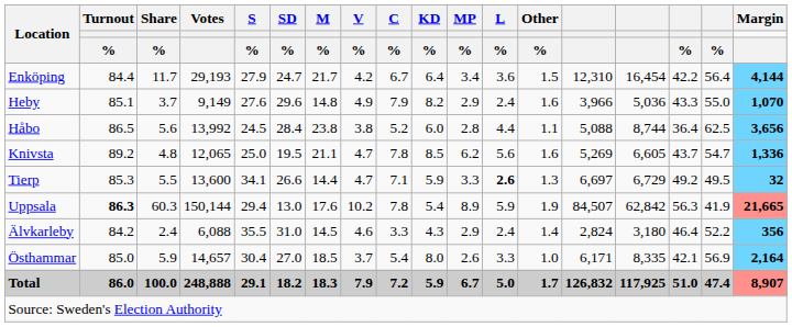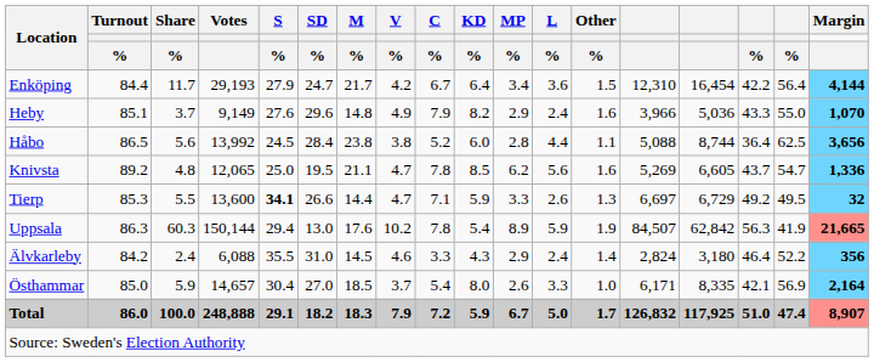 <table class="wikitable sortable" style="text-align:right; font-size:95%; line-height:20px;">
 <tr>
 <th rowspan="3">Location</th>
 <th>Turnout</th>
 <th>Share</th>
 <th>Votes</th>
 <th width="30px" class="unsortable"><a href='#'>S</a></th>
 <th width="30px" class="unsortable"><a href='#'>SD</a></th>
 <th width="30px" class="unsortable"><a href='#'>M</a></th>
 <th width="30px" class="unsortable"><a href='#'>V</a></th>
 <th width="30px" class="unsortable"><a href='#'>C</a></th>
 <th width="30px" class="unsortable"><a href='#'>KD</a></th>
 <th width="30px" class="unsortable"><a href='#'>MP</a></th>
 <th width="30px" class="unsortable"><a href='#'>L</a></th>
 <th width="30px" class="unsortable">Other</th>
 <th></th>
 <th></th>
 <th></th>
 <th></th>
 <th>Margin</th>
 </tr>
 <tr>
 <th></th>
 <th></th>
 <th></th>
 <th style="background:"></th>
 <th style="background:"></th>
 <th style="background:"></th>
 <th style="background:"></th>
 <th style="background:"></th>
 <th style="background:"></th>
 <th style="background:"></th>
 <th style="background:"></th>
 <th style="background:"></th>
 <th style="background:"></th>
 <th style="background:"></th>
 <th style="background:"></th>
 <th style="background:"></th>
 </tr>
 <tr>
 <th data-sort-type="number">%</th>
 <th data-sort-type="number">%</th>
 <th></th>
 <th data-sort-type="number">%</th>
 <th data-sort-type="number">%</th>
 <th data-sort-type="number">%</th>
 <th data-sort-type="number">%</th>
 <th data-sort-type="number">%</th>
 <th data-sort-type="number">%</th>
 <th data-sort-type="number">%</th>
 <th data-sort-type="number">%</th>
 <th data-sort-type="number">%</th>
 <th data-sort-type="number"></th>
 <th data-sort-type="number"></th>
 <th data-sort-type="number">%</th>
 <th data-sort-type="number">%</th>
 <th data-sort-type="number"></th>
 </tr>
 <tr>
 <td align="left"><a href='#'>Enköping</a></td>
 <td>84.4</td>
 <td>11.7</td>
 <td>29,193</td>
 <td>27.9</td>
 <td>24.7</td>
 <td>21.7</td>
 <td>4.2</td>
 <td>6.7</td>
 <td>6.4</td>
 <td>3.4</td>
 <td>3.6</td>
 <td>1.5</td>
 <td>12,310</td>
 <td>16,454</td>
 <td>42.2</td>
 <td>56.4</td>
 <td bgcolor=#6fd5fe><strong>4,144</strong></td>
 </tr>
 <tr>
 <td align="left"><a href='#'>Heby</a></td>
 <td>85.1</td>
 <td>3.7</td>
 <td>9,149</td>
 <td>27.6</td>
 <td>29.6</td>
 <td>14.8</td>
 <td>4.9</td>
 <td>7.9</td>
 <td>8.2</td>
 <td>2.9</td>
 <td>2.4</td>
 <td>1.6</td>
 <td>3,966</td>
 <td>5,036</td>
 <td>43.3</td>
 <td>55.0</td>
 <td bgcolor=#6fd5fe><strong>1,070</strong></td>
 </tr>
 <tr>
 <td align="left"><a href='#'>Håbo</a></td>
 <td>86.5</td>
 <td>5.6</td>
 <td>13,992</td>
 <td>24.5</td>
 <td>28.4</td>
 <td>23.8</td>
 <td>3.8</td>
 <td>5.2</td>
 <td>6.0</td>
 <td>2.8</td>
 <td>4.4</td>
 <td>1.1</td>
 <td>5,088</td>
 <td>8,744</td>
 <td>36.4</td>
 <td>62.5</td>
 <td bgcolor=#6fd5fe><strong>3,656</strong></td>
 </tr>
 <tr>
 <td align="left"><a href='#'>Knivsta</a></td>
 <td>89.2</td>
 <td>4.8</td>
 <td>12,065</td>
 <td>25.0</td>
 <td>19.5</td>
 <td>21.1</td>
 <td>4.7</td>
 <td>7.8</td>
 <td>8.5</td>
 <td>6.2</td>
 <td>5.6</td>
 <td>1.6</td>
 <td>5,269</td>
 <td>6,605</td>
 <td>43.7</td>
 <td>54.7</td>
 <td bgcolor=#6fd5fe><strong>1,336</strong></td>
 </tr>
 <tr>
 <td align="left"><a href='#'>Tierp</a></td>
 <td>85.3</td>
 <td>5.5</td>
 <td>13,600</td>
-<td>34.1</td>
+<td><strong>34.1</strong></td>
 <td>26.6</td>
 <td>14.4</td>
 <td>4.7</td>
 <td>7.1</td>
 <td>5.9</td>
 <td>3.3</td>
-<td><strong>2.6</strong></td>
+<td>2.6</td>
 <td>1.3</td>
 <td>6,697</td>
 <td>6,729</td>
 <td>49.2</td>
 <td>49.5</td>
 <td bgcolor=#6fd5fe><strong>32</strong></td>
 </tr>
 <tr>
 <td align="left"><a href='#'>Uppsala</a></td>
-<td><strong>86.3</strong></td>
+<td>86.3</td>
 <td>60.3</td>
 <td>150,144</td>
 <td>29.4</td>
 <td>13.0</td>
 <td>17.6</td>
 <td>10.2</td>
 <td>7.8</td>
 <td>5.4</td>
 <td>8.9</td>
 <td>5.9</td>
 <td>1.9</td>
 <td>84,507</td>
 <td>62,842</td>
 <td>56.3</td>
 <td>41.9</td>
 <td bgcolor=#ff908c><strong>21,665</strong></td>
 </tr>
 <tr>
 <td align="left"><a href='#'>Älvkarleby</a></td>
 <td>84.2</td>
 <td>2.4</td>
 <td>6,088</td>
 <td>35.5</td>
 <td>31.0</td>
 <td>14.5</td>
 <td>4.6</td>
 <td>3.3</td>
 <td>4.3</td>
 <td>2.9</td>
 <td>2.4</td>
 <td>1.4</td>
 <td>2,824</td>
 <td>3,180</td>
 <td>46.4</td>
 <td>52.2</td>
 <td bgcolor=#6fd5fe><strong>356</strong></td>
 </tr>
 <tr>
 <td align="left"><a href='#'>Östhammar</a></td>
 <td>85.0</td>
 <td>5.9</td>
 <td>14,657</td>
 <td>30.4</td>
 <td>27.0</td>
 <td>18.5</td>
 <td>3.7</td>
 <td>5.4</td>
 <td>8.0</td>
 <td>2.6</td>
 <td>3.3</td>
 <td>1.0</td>
 <td>6,171</td>
 <td>8,335</td>
 <td>42.1</td>
 <td>56.9</td>
 <td bgcolor=#6fd5fe><strong>2,164</strong></td>
 </tr>
 <tr style="background:#CDCDCD;">
 <td align="left"><strong>Total</strong></td>
 <td><strong>86.0</strong></td>
 <td><strong>100.0</strong></td>
 <td><strong>248,888</strong></td>
 <td><strong>29.1</strong></td>
 <td><strong>18.2</strong></td>
 <td><strong>18.3</strong></td>
 <td><strong>7.9</strong></td>
 <td><strong>7.2</strong></td>
 <td><strong>5.9</strong></td>
 <td><strong>6.7</strong></td>
 <td><strong>5.0</strong></td>
 <td><strong>1.7</strong></td>
 <td><strong>126,832</strong></td>
 <td><strong>117,925</strong></td>
 <td><strong>51.0</strong></td>
 <td><strong>47.4</strong></td>
 <td bgcolor=#ff908c><strong>8,907</strong></td>
 </tr>
 <tr>
 <td colspan="18" align="left">Source: Sweden's <a href='#'>Election Authority</a></td>
 </tr>
 </table>
